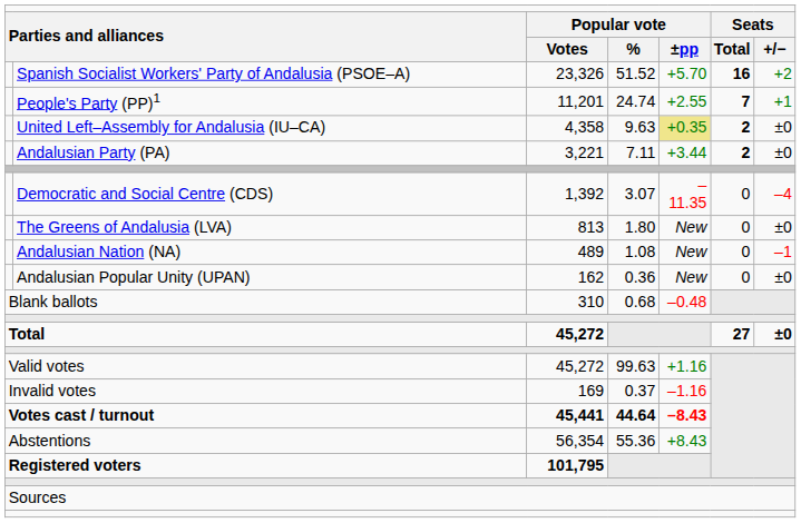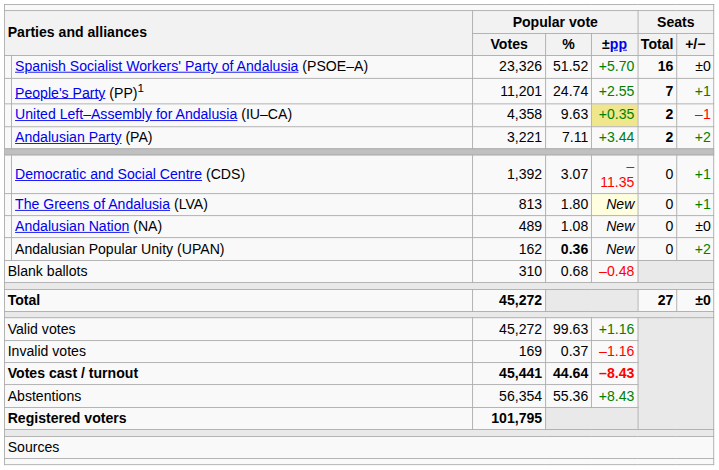 <table class="wikitable" style="text-align:right;">
 <tr>
 <td colspan="7"></td>
 </tr>
 <tr>
 <th style="text-align:left;" rowspan="2" colspan="2" width="525">Parties and alliances</th>
 <th colspan="3">Popular vote</th>
 <th colspan="2">Seats</th>
 </tr>
 <tr>
 <th width="75">Votes</th>
 <th width="45">%</th>
 <th width="45">±<a href='#'>pp</a></th>
 <th width="35">Total</th>
 <th width="35">+/−</th>
 </tr>
 <tr>
 <td width="1" style="color:inherit;background:"></td>
 <td align="left"><a href='#'>Spanish Socialist Workers' Party of Andalusia</a> (PSOE–A)</td>
 <td>23,326</td>
 <td>51.52</td>
 <td style="color:green;">+5.70</td>
 <td><strong>16</strong></td>
-<td style="color:green;">+2</td>
+<td>±0</td>
 </tr>
 <tr>
 <td style="color:inherit;background:"></td>
 <td align="left"><a href='#'>People's Party</a> (PP)<sup>1</sup></td>
 <td>11,201</td>
 <td>24.74</td>
 <td style="color:green;">+2.55</td>
 <td><strong>7</strong></td>
 <td style="color:green;">+1</td>
 </tr>
 <tr>
 <td style="color:inherit;background:"></td>
 <td align="left"><a href='#'>United Left–Assembly for Andalusia</a> (IU–CA)</td>
 <td>4,358</td>
 <td>9.63</td>
 <td style="background: khaki; color:green;">+0.35</td>
 <td><strong>2</strong></td>
-<td>±0</td>
+<td style="color:red;">–1</td>
 </tr>
 <tr>
 <td style="color:inherit;background:"></td>
 <td align="left"><a href='#'>Andalusian Party</a> (PA)</td>
 <td>3,221</td>
 <td>7.11</td>
 <td style="color:green;">+3.44</td>
 <td><strong>2</strong></td>
-<td>±0</td>
+<td style="color:green;">+2</td>
 </tr>
 <tr>
 <td colspan="7" bgcolor="#C0C0C0"></td>
 </tr>
 <tr>
 <td style="color:inherit;background:"></td>
 <td align="left"><a href='#'>Democratic and Social Centre</a> (CDS)</td>
 <td>1,392</td>
 <td>3.07</td>
 <td style="color:red;">–11.35</td>
 <td>0</td>
-<td style="color:red;">–4</td>
+<td style="color:green;">+1</td>
 </tr>
 <tr>
 <td style="color:inherit;background:"></td>
 <td align="left"><a href='#'>The Greens of Andalusia</a> (LVA)</td>
 <td>813</td>
 <td>1.80</td>
-<td><em>New</em></td>
+<td style="background: lightyellow;"><em>New</em></td>
 <td>0</td>
-<td>±0</td>
+<td style="color:green;">+1</td>
 </tr>
 <tr>
 <td style="color:inherit;background:"></td>
 <td align="left"><a href='#'>Andalusian Nation</a> (NA)</td>
 <td>489</td>
 <td>1.08</td>
 <td><em>New</em></td>
 <td>0</td>
-<td style="color:red;">–1</td>
+<td>±0</td>
 </tr>
 <tr>
 <td style="color:inherit;background:"></td>
 <td align="left">Andalusian Popular Unity (UPAN)</td>
 <td>162</td>
-<td>0.36</td>
+<td><strong>0.36</strong></td>
 <td><em>New</em></td>
 <td>0</td>
-<td>±0</td>
+<td style="color:green;">+2</td>
 </tr>
 <tr>
 <td align="left" colspan="2">Blank ballots</td>
 <td>310</td>
 <td>0.68</td>
 <td style="color:red;">–0.48</td>
 <td bgcolor="#E9E9E9" colspan="2"></td>
 </tr>
 <tr>
 <td colspan="7" bgcolor="#E9E9E9"></td>
 </tr>
 <tr style="font-weight:bold;">
 <td align="left" colspan="2">Total</td>
 <td>45,272</td>
 <td bgcolor="#E9E9E9" colspan="2"></td>
 <td>27</td>
 <td>±0</td>
 </tr>
 <tr>
 <td colspan="7" bgcolor="#E9E9E9"></td>
 </tr>
 <tr>
 <td align="left" colspan="2">Valid votes</td>
 <td>45,272</td>
 <td>99.63</td>
 <td style="color:green;">+1.16</td>
 <td bgcolor="#E9E9E9" colspan="2" rowspan="5"></td>
 </tr>
 <tr>
 <td align="left" colspan="2">Invalid votes</td>
 <td>169</td>
 <td>0.37</td>
 <td style="color:red;">–1.16</td>
 </tr>
 <tr style="font-weight:bold;">
 <td align="left" colspan="2">Votes cast / turnout</td>
 <td>45,441</td>
 <td>44.64</td>
 <td style="color:red;">–8.43</td>
 </tr>
 <tr>
 <td align="left" colspan="2">Abstentions</td>
 <td>56,354</td>
 <td>55.36</td>
 <td style="color:green;">+8.43</td>
 </tr>
 <tr style="font-weight:bold;">
 <td align="left" colspan="2">Registered voters</td>
 <td>101,795</td>
 <td bgcolor="#E9E9E9" colspan="2"></td>
 </tr>
 <tr>
 <td colspan="7" bgcolor="#E9E9E9"></td>
 </tr>
 <tr>
 <td align="left" colspan="7">Sources</td>
 </tr>
 <tr>
 <td colspan="7" style="text-align:left; max-width:790px;"></td>
 </tr>
 </table>
